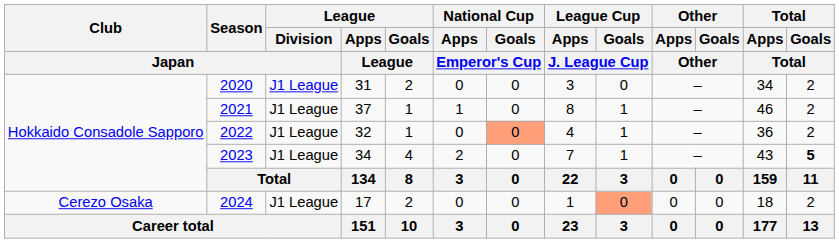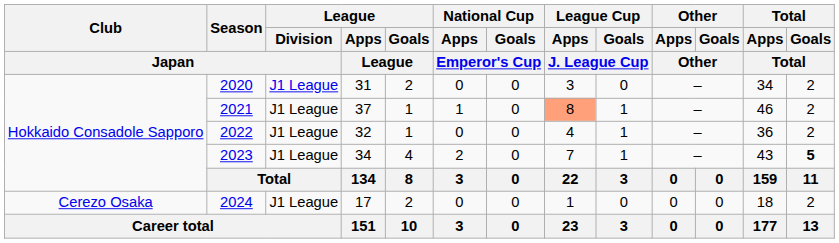 <table class="wikitable" style="text-align:center">
 <tr>
 <th rowspan=2>Club</th>
 <th rowspan=2>Season</th>
 <th colspan=3>League</th>
 <th colspan=2>National Cup</th>
 <th colspan=2>League Cup</th>
 <th colspan=2>Other</th>
 <th colspan=2>Total</th>
 </tr>
 <tr>
 <th>Division</th>
 <th>Apps</th>
 <th>Goals</th>
 <th>Apps</th>
 <th>Goals</th>
 <th>Apps</th>
 <th>Goals</th>
 <th>Apps</th>
 <th>Goals</th>
 <th>Apps</th>
 <th>Goals</th>
 </tr>
 <tr>
 <th colspan=3>Japan</th>
 <th colspan=2>League</th>
 <th colspan=2><a href='#'>Emperor's Cup</a></th>
 <th colspan=2><a href='#'>J. League Cup</a></th>
 <th colspan=2>Other</th>
 <th colspan=2>Total</th>
 </tr>
 <tr>
 <td rowspan="5"><a href='#'>Hokkaido Consadole Sapporo</a></td>
 <td><a href='#'>2020</a></td>
 <td><a href='#'>J1 League</a></td>
 <td>31</td>
 <td>2</td>
 <td>0</td>
 <td>0</td>
 <td>3</td>
 <td>0</td>
 <td colspan="2">–</td>
 <td>34</td>
 <td>2</td>
 </tr>
 <tr>
 <td><a href='#'>2021</a></td>
 <td>J1 League</td>
 <td>37</td>
 <td>1</td>
 <td>1</td>
 <td>0</td>
-<td>8</td>
+<td style="background: lightsalmon;">8</td>
 <td>1</td>
 <td colspan="2">–</td>
 <td>46</td>
 <td>2</td>
 </tr>
 <tr>
 <td><a href='#'>2022</a></td>
 <td>J1 League</td>
 <td>32</td>
 <td>1</td>
 <td>0</td>
-<td style="background: lightsalmon;">0</td>
+<td>0</td>
 <td>4</td>
 <td>1</td>
 <td colspan="2">–</td>
 <td>36</td>
 <td>2</td>
 </tr>
 <tr>
 <td><a href='#'>2023</a></td>
 <td>J1 League</td>
 <td>34</td>
 <td>4</td>
 <td>2</td>
 <td>0</td>
 <td>7</td>
 <td>1</td>
 <td colspan="2">–</td>
 <td>43</td>
 <td><strong>5</strong></td>
 </tr>
 <tr>
 <th colspan="2">Total</th>
 <th>134</th>
 <th>8</th>
 <th>3</th>
 <th>0</th>
 <th>22</th>
 <th>3</th>
 <th>0</th>
 <th>0</th>
 <th>159</th>
 <th>11</th>
 </tr>
 <tr>
 <td><a href='#'>Cerezo Osaka</a></td>
 <td><a href='#'>2024</a></td>
 <td>J1 League</td>
 <td>17</td>
 <td>2</td>
 <td>0</td>
 <td>0</td>
 <td>1</td>
-<td style="background: lightsalmon;">0</td>
+<td>0</td>
 <td>0</td>
 <td>0</td>
 <td>18</td>
 <td>2</td>
 </tr>
 <tr>
 <th colspan=3>Career total</th>
 <th>151</th>
 <th>10</th>
 <th>3</th>
 <th>0</th>
 <th>23</th>
 <th>3</th>
 <th>0</th>
 <th>0</th>
 <th>177</th>
 <th>13</th>
 </tr>
 </table>
